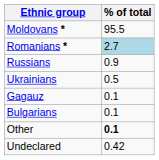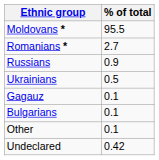 <table class="wikitable sortable">
 <tr>
 <th style="width:140px;"><a href='#'>Ethnic group</a></th>
 <th>% of total</th>
 </tr>
 <tr>
 <td><a href='#'>Moldovans</a> <strong>*</strong></td>
 <td>95.5</td>
 </tr>
 <tr>
 <td><a href='#'>Romanians</a> <strong>*</strong></td>
-<td style="background: lightblue;">2.7</td>
+<td>2.7</td>
 </tr>
 <tr>
 <td><a href='#'>Russians</a></td>
 <td>0.9</td>
 </tr>
 <tr>
 <td><a href='#'>Ukrainians</a></td>
 <td>0.5</td>
 </tr>
 <tr>
 <td><a href='#'>Gagauz</a></td>
 <td>0.1</td>
 </tr>
 <tr>
 <td><a href='#'>Bulgarians</a></td>
 <td>0.1</td>
 </tr>
 <tr>
 <td>Other</td>
-<td><strong>0.1</strong></td>
+<td>0.1</td>
 </tr>
 <tr>
 <td>Undeclared</td>
 <td>0.42</td>
 </tr>
 </table>
